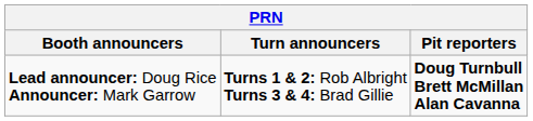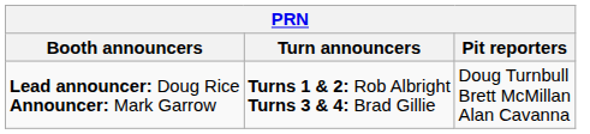 <table class="wikitable" style="font-size: 95%">
 <tr>
 <th colspan="3"><a href='#'>PRN</a></th>
 </tr>
 <tr>
 <th>Booth announcers</th>
 <th>Turn announcers</th>
 <th>Pit reporters</th>
 </tr>
 <tr>
 <td><strong>Lead announcer:</strong> Doug Rice<br><strong>Announcer:</strong> Mark Garrow</td>
 <td><strong>Turns 1 & 2:</strong> Rob Albright<br><strong>Turns 3 & 4:</strong> Brad Gillie</td>
-<td><strong>Doug Turnbull<br>Brett McMillan<br>Alan Cavanna</strong></td>
+<td>Doug Turnbull<br>Brett McMillan<br>Alan Cavanna</td>
 </tr>
 </table>
